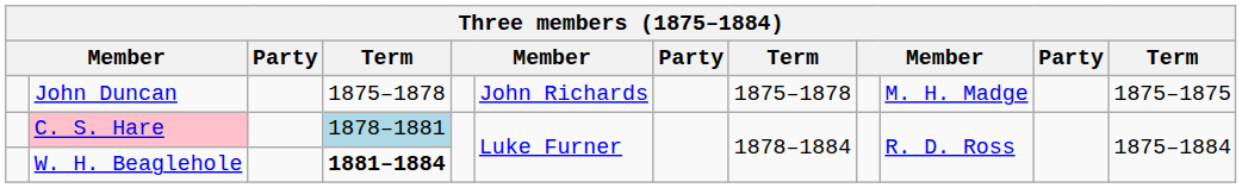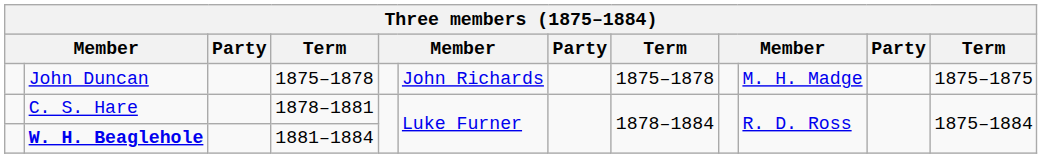 <table class="wikitable">
 <tr>
 <th colspan=12>Three members (1875–1884)</th>
 </tr>
 <tr>
 <th colspan=2>Member</th>
 <th>Party</th>
 <th>Term</th>
 <th colspan=2>Member</th>
 <th>Party</th>
 <th>Term</th>
 <th colspan=2>Member</th>
 <th>Party</th>
 <th>Term</th>
 </tr>
 <tr>
 <td rowspan=2 > </td>
 <td rowspan=2><a href='#'>John Duncan</a></td>
 <td rowspan=2></td>
 <td rowspan=2>1875–1878</td>
 <td rowspan=2 > </td>
 <td rowspan=2><a href='#'>John Richards</a></td>
 <td rowspan=2></td>
 <td rowspan=2>1875–1878</td>
 <td> </td>
 <td><a href='#'>M. H. Madge</a></td>
 <td></td>
 <td>1875–1875</td>
 </tr>
 <tr>
 <td rowspan=3 > </td>
 <td rowspan=3><a href='#'>R. D. Ross</a></td>
 <td rowspan=3></td>
 <td rowspan=3>1875–1884</td>
 </tr>
 <tr>
 <td> </td>
-<td style="background: pink;"><a href='#'>C. S. Hare</a></td>
+<td><a href='#'>C. S. Hare</a></td>
 <td></td>
-<td style="background: lightblue;">1878–1881</td>
+<td>1878–1881</td>
 <td rowspan=2 > </td>
 <td rowspan=2><a href='#'>Luke Furner</a></td>
 <td rowspan=2></td>
 <td rowspan=2>1878–1884</td>
 </tr>
 <tr>
 <td> </td>
-<td><a href='#'>W. H. Beaglehole</a></td>
+<td><strong><a href='#'>W. H. Beaglehole</a></strong></td>
 <td></td>
-<td><strong>1881–1884</strong></td>
+<td>1881–1884</td>
 </tr>
 </table>
